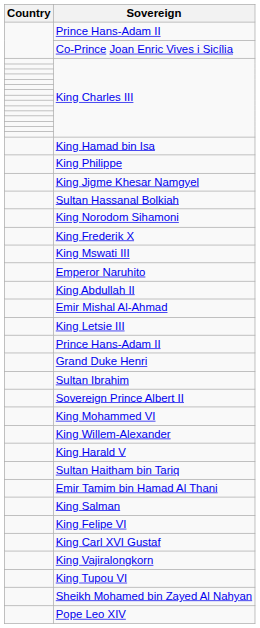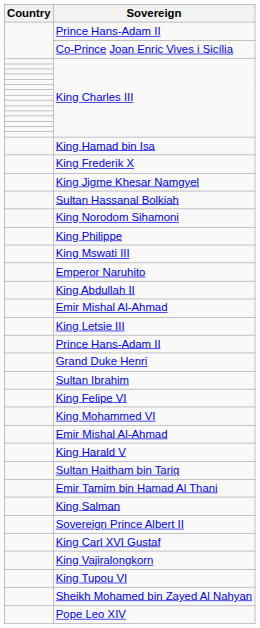 <table class="wikitable sortable" style="text-align:right">
 <tr>
 <th>Country</th>
 <th>Sovereign</th>
 </tr>
 <tr>
 <td style="text-align:left;"  rowspan="2"></td>
 <td style="text-align:left;"><a href='#'>Prince Hans-Adam II</a></td>
 </tr>
 <tr>
 <td style="text-align:left;"><a href='#'>Co-Prince</a> <a href='#'>Joan Enric Vives i Sicília</a></td>
 </tr>
 <tr>
 <td style="text-align:left;"></td>
 <td style="text-align:left;" rowspan="15"><a href='#'>King Charles III</a></td>
 </tr>
 <tr>
 <td style="text-align:left;"></td>
 </tr>
 <tr>
 <td style="text-align:left;"></td>
 </tr>
 <tr>
 <td style="text-align:left;"></td>
 </tr>
 <tr>
 <td style="text-align:left;"></td>
 </tr>
 <tr>
 <td style="text-align:left;"></td>
 </tr>
 <tr>
 <td style="text-align:left;"></td>
 </tr>
 <tr>
 <td style="text-align:left;"></td>
 </tr>
 <tr>
 <td style="text-align:left;"></td>
 </tr>
 <tr>
 <td style="text-align:left;"></td>
 </tr>
 <tr>
 <td style="text-align:left;"></td>
 </tr>
 <tr>
 <td style="text-align:left;"></td>
 </tr>
 <tr>
 <td style="text-align:left;"></td>
 </tr>
 <tr>
 <td style="text-align:left;"></td>
 </tr>
 <tr>
 <td style="text-align:left;"></td>
 </tr>
 <tr>
 <td style="text-align:left;"></td>
 <td style="text-align:left;"><a href='#'>King Hamad bin Isa</a></td>
 </tr>
 <tr>
 <td style="text-align:left;"></td>
-<td style="text-align:left;"><a href='#'>King Philippe</a></td>
+<td style="text-align:left;"><a href='#'>King Frederik X</a></td>
 </tr>
 <tr>
 <td style="text-align:left;"></td>
 <td style="text-align:left;"><a href='#'>King Jigme Khesar Namgyel</a></td>
 </tr>
 <tr>
 <td style="text-align:left;"></td>
 <td style="text-align:left;"><a href='#'>Sultan Hassanal Bolkiah</a></td>
 </tr>
 <tr>
 <td style="text-align:left;"></td>
 <td style="text-align:left;"><a href='#'>King Norodom Sihamoni</a></td>
 </tr>
 <tr>
 <td style="text-align:left;"></td>
-<td style="text-align:left;"><a href='#'>King Frederik X</a></td>
+<td style="text-align:left;"><a href='#'>King Philippe</a></td>
 </tr>
 <tr>
 <td style="text-align:left;"></td>
 <td style="text-align:left;"><a href='#'>King Mswati III</a></td>
 </tr>
 <tr>
 <td style="text-align:left;"></td>
 <td style="text-align:left;"><a href='#'>Emperor Naruhito</a></td>
 </tr>
 <tr>
 <td style="text-align:left;"></td>
 <td style="text-align:left;"><a href='#'>King Abdullah II</a></td>
 </tr>
 <tr>
 <td style="text-align:left;"></td>
 <td style="text-align:left;"><a href='#'>Emir Mishal Al-Ahmad</a></td>
 </tr>
 <tr>
 <td style="text-align:left;"></td>
 <td style="text-align:left;"><a href='#'>King Letsie III</a></td>
 </tr>
 <tr>
 <td style="text-align:left;"></td>
 <td style="text-align:left;"><a href='#'>Prince Hans-Adam II</a></td>
 </tr>
 <tr>
 <td style="text-align:left;"></td>
 <td style="text-align:left;"><a href='#'>Grand Duke Henri</a></td>
 </tr>
 <tr>
 <td style="text-align:left;"></td>
 <td style="text-align:left;"><a href='#'>Sultan Ibrahim</a></td>
 </tr>
 <tr>
 <td style="text-align:left;"></td>
-<td style="text-align:left;"><a href='#'>Sovereign Prince Albert II</a></td>
+<td style="text-align:left;"><a href='#'>King Felipe VI</a></td>
 </tr>
 <tr>
 <td style="text-align:left;"></td>
 <td style="text-align:left;"><a href='#'>King Mohammed VI</a></td>
 </tr>
 <tr>
 <td style="text-align:left;"></td>
-<td style="text-align:left;"><a href='#'>King Willem-Alexander</a></td>
+<td style="text-align:left;"><a href='#'>Emir Mishal Al-Ahmad</a></td>
 </tr>
 <tr>
 <td style="text-align:left;"></td>
 <td style="text-align:left;"><a href='#'>King Harald V</a></td>
 </tr>
 <tr>
 <td style="text-align:left;"></td>
 <td style="text-align:left;"><a href='#'>Sultan Haitham bin Tariq</a></td>
 </tr>
 <tr>
 <td style="text-align:left;"></td>
 <td style="text-align:left;"><a href='#'>Emir Tamim bin Hamad Al Thani</a></td>
 </tr>
 <tr>
 <td style="text-align:left;"></td>
 <td style="text-align:left;"><a href='#'>King Salman</a></td>
 </tr>
 <tr>
 <td style="text-align:left;"></td>
-<td style="text-align:left;"><a href='#'>King Felipe VI</a></td>
+<td style="text-align:left;"><a href='#'>Sovereign Prince Albert II</a></td>
 </tr>
 <tr>
 <td style="text-align:left;"></td>
 <td style="text-align:left;"><a href='#'>King Carl XVI Gustaf</a></td>
 </tr>
 <tr>
 <td style="text-align:left;"></td>
 <td style="text-align:left;"><a href='#'>King Vajiralongkorn</a></td>
 </tr>
 <tr>
 <td style="text-align:left;"></td>
 <td style="text-align:left;"><a href='#'>King Tupou VI</a></td>
 </tr>
 <tr>
 <td style="text-align:left;"></td>
 <td style="text-align:left;"><a href='#'>Sheikh Mohamed bin Zayed Al Nahyan</a></td>
 </tr>
 <tr>
 <td style="text-align:left;"></td>
 <td style="text-align:left;"><a href='#'>Pope Leo XIV</a></td>
 </tr>
 </table>
